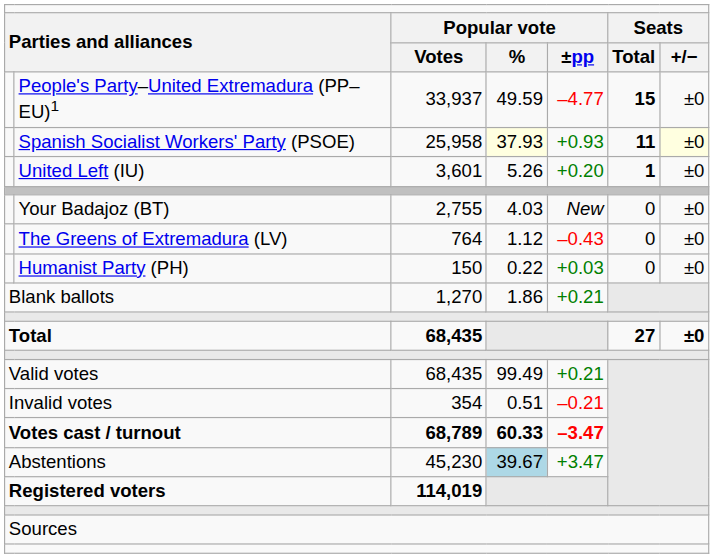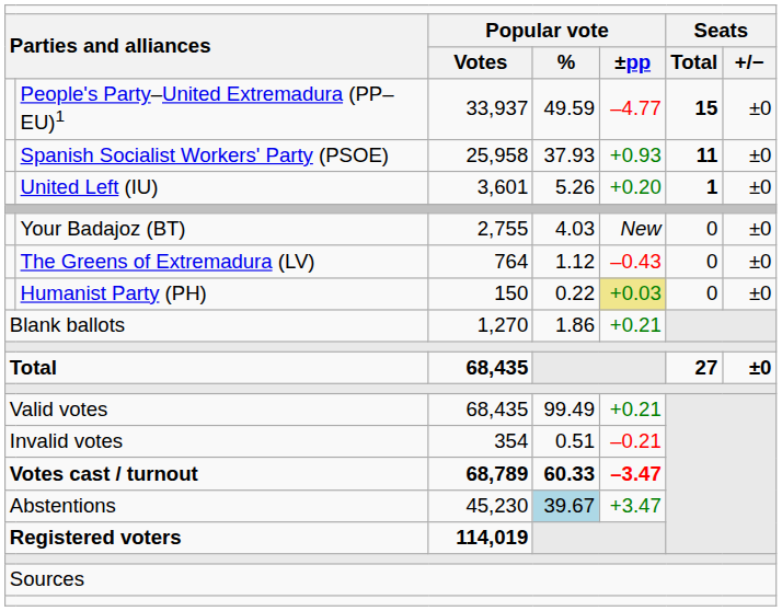 <table class="wikitable" style="text-align:right;">
 <tr>
 <td colspan="7"></td>
 </tr>
 <tr>
 <th style="text-align:left;" rowspan="2" colspan="2" width="525">Parties and alliances</th>
 <th colspan="3">Popular vote</th>
 <th colspan="2">Seats</th>
 </tr>
 <tr>
 <th width="75">Votes</th>
 <th width="45">%</th>
 <th width="45">±<a href='#'>pp</a></th>
 <th width="35">Total</th>
 <th width="35">+/−</th>
 </tr>
 <tr>
 <td width="1" style="color:inherit;background:"></td>
 <td align="left"><a href='#'>People's Party</a>–<a href='#'>United Extremadura</a> (PP–EU)<sup>1</sup></td>
 <td>33,937</td>
 <td>49.59</td>
 <td style="color:red;">–4.77</td>
 <td><strong>15</strong></td>
 <td>±0</td>
 </tr>
 <tr>
 <td style="color:inherit;background:"></td>
 <td align="left"><a href='#'>Spanish Socialist Workers' Party</a> (PSOE)</td>
 <td>25,958</td>
-<td style="background: lightyellow;">37.93</td>
+<td>37.93</td>
 <td style="color:green;">+0.93</td>
 <td><strong>11</strong></td>
-<td style="background: lightyellow;">±0</td>
+<td>±0</td>
 </tr>
 <tr>
 <td style="color:inherit;background:"></td>
 <td align="left"><a href='#'>United Left</a> (IU)</td>
 <td>3,601</td>
 <td>5.26</td>
 <td style="color:green;">+0.20</td>
 <td><strong>1</strong></td>
 <td>±0</td>
 </tr>
 <tr>
 <td colspan="7" bgcolor="#C0C0C0"></td>
 </tr>
 <tr>
 <td style="color:inherit;background:"></td>
 <td align="left">Your Badajoz (BT)</td>
 <td>2,755</td>
 <td>4.03</td>
 <td><em>New</em></td>
 <td>0</td>
 <td>±0</td>
 </tr>
 <tr>
 <td style="color:inherit;background:"></td>
 <td align="left"><a href='#'>The Greens of Extremadura</a> (LV)</td>
 <td>764</td>
 <td>1.12</td>
 <td style="color:red;">–0.43</td>
 <td>0</td>
 <td>±0</td>
 </tr>
 <tr>
 <td style="color:inherit;background:"></td>
 <td align="left"><a href='#'>Humanist Party</a> (PH)</td>
 <td>150</td>
 <td>0.22</td>
-<td style="color:green;">+0.03</td>
+<td style="background: khaki; color:green;">+0.03</td>
 <td>0</td>
 <td>±0</td>
 </tr>
 <tr>
 <td align="left" colspan="2">Blank ballots</td>
 <td>1,270</td>
 <td>1.86</td>
 <td style="color:green;">+0.21</td>
 <td bgcolor="#E9E9E9" colspan="2"></td>
 </tr>
 <tr>
 <td colspan="7" bgcolor="#E9E9E9"></td>
 </tr>
 <tr style="font-weight:bold;">
 <td align="left" colspan="2">Total</td>
 <td>68,435</td>
 <td bgcolor="#E9E9E9" colspan="2"></td>
 <td>27</td>
 <td>±0</td>
 </tr>
 <tr>
 <td colspan="7" bgcolor="#E9E9E9"></td>
 </tr>
 <tr>
 <td align="left" colspan="2">Valid votes</td>
 <td>68,435</td>
 <td>99.49</td>
 <td style="color:green;">+0.21</td>
 <td bgcolor="#E9E9E9" colspan="2" rowspan="5"></td>
 </tr>
 <tr>
 <td align="left" colspan="2">Invalid votes</td>
 <td>354</td>
 <td>0.51</td>
 <td style="color:red;">–0.21</td>
 </tr>
 <tr style="font-weight:bold;">
 <td align="left" colspan="2">Votes cast / turnout</td>
 <td>68,789</td>
 <td>60.33</td>
 <td style="color:red;">–3.47</td>
 </tr>
 <tr>
 <td align="left" colspan="2">Abstentions</td>
 <td>45,230</td>
 <td style="background: lightblue;">39.67</td>
 <td style="color:green;">+3.47</td>
 </tr>
 <tr style="font-weight:bold;">
 <td align="left" colspan="2">Registered voters</td>
 <td>114,019</td>
 <td bgcolor="#E9E9E9" colspan="2"></td>
 </tr>
 <tr>
 <td colspan="7" bgcolor="#E9E9E9"></td>
 </tr>
 <tr>
 <td align="left" colspan="7">Sources</td>
 </tr>
 <tr>
 <td colspan="7" style="text-align:left; max-width:790px;"></td>
 </tr>
 </table>
